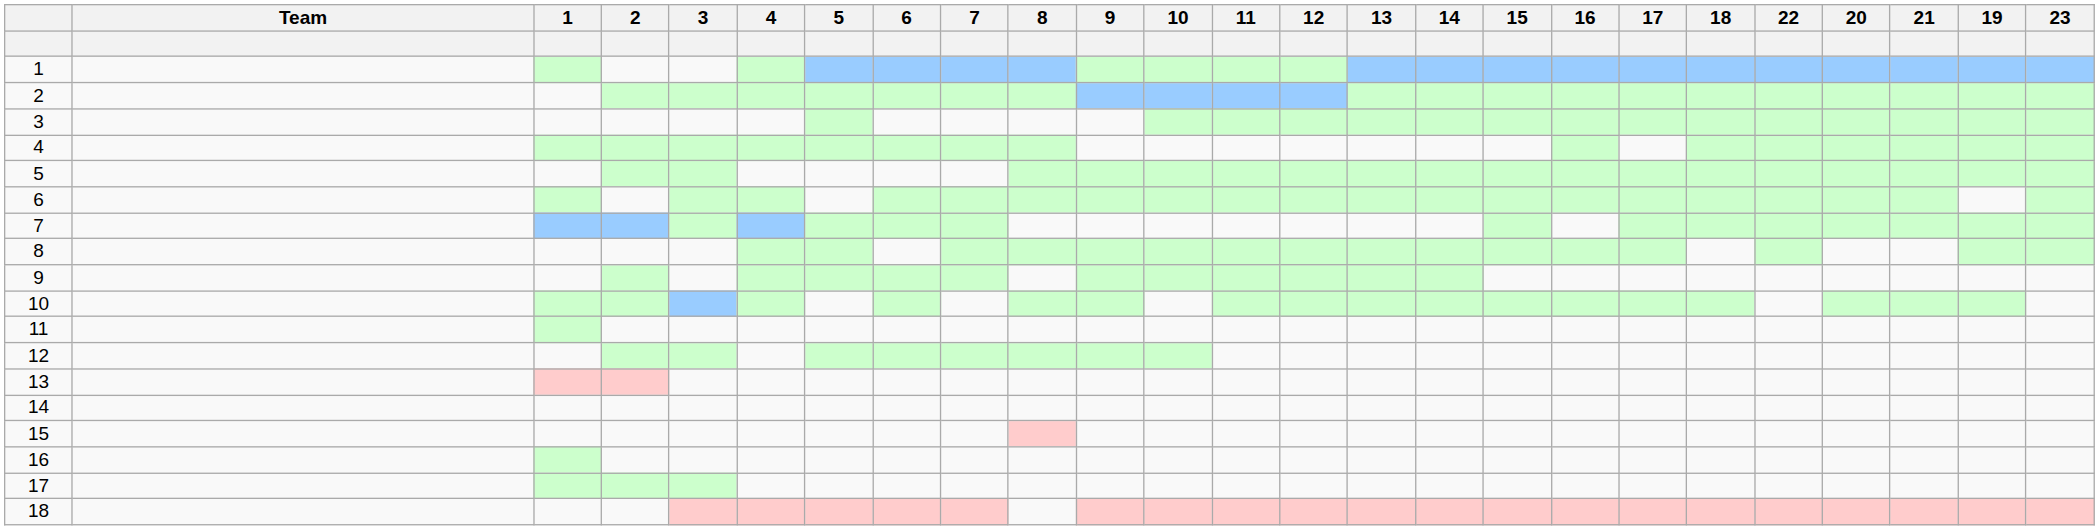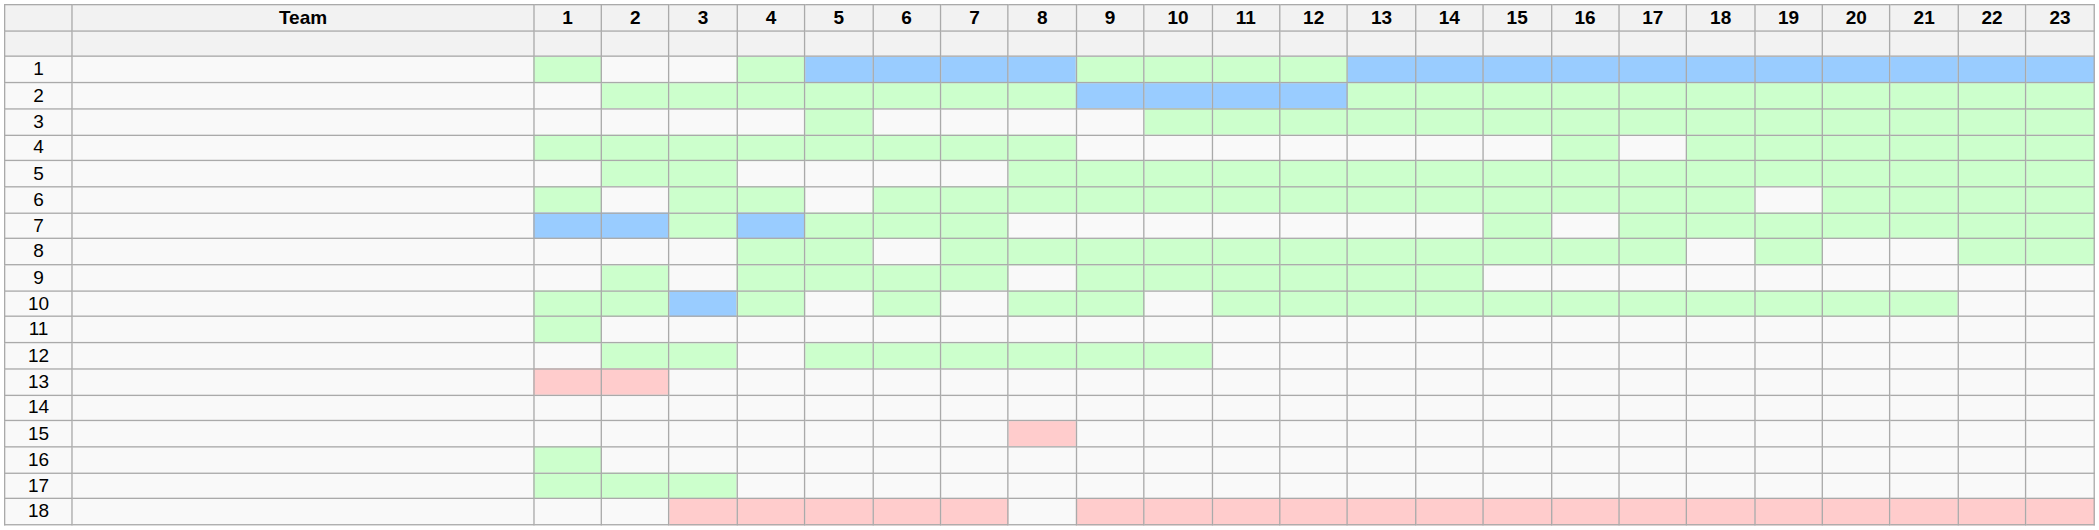 <table class="wikitable sortable" style="text-align:center; line-height: 90%; font-size:90%;" width=100%>
 <tr>
 <th width=20 abbr="Position"></th>
 <th width=175px>Team</th>
 <th width=20 abbr="Round 1">1</th>
 <th width=20 abbr="Round 2">2</th>
 <th width=20 abbr="Round 3">3</th>
 <th width=20 abbr="Round 4">4</th>
 <th width=20 abbr="Round 5">5</th>
 <th width=20 abbr="Round 6">6</th>
 <th width=20 abbr="Round 7">7</th>
 <th width=20 abbr="Round 8">8</th>
 <th width=20 abbr="Round 9">9</th>
 <th width=20 abbr="Round 10">10</th>
 <th width=20 abbr="Round 11">11</th>
 <th width=20 abbr="Round 12">12</th>
 <th width=20 abbr="Round 13">13</th>
 <th width=20 abbr="Round 14">14</th>
 <th width=20 abbr="Round 15">15</th>
 <th width=20 abbr="Round 16">16</th>
 <th width=20 abbr="Round 17">17</th>
 <th width=20 abbr="Round 18">18</th>
-<th width=20 abbr="Round 22">22</th>
+<th width=20 abbr="Round 19">19</th>
 <th width=20 abbr="Round 20">20</th>
 <th width=20 abbr="Round 21">21</th>
-<th width=20 abbr="Round 19">19</th>
+<th width=20 abbr="Round 22">22</th>
 <th width=20 abbr="Round 23">23</th>
 </tr>
 <tr>
 <th></th>
 <th></th>
 <th></th>
 <th></th>
 <th></th>
 <th></th>
 <th></th>
 <th></th>
 <th></th>
 <th></th>
 <th></th>
 <th></th>
 <th></th>
 <th></th>
 <th></th>
 <th></th>
 <th></th>
 <th></th>
 <th></th>
 <th></th>
 <th></th>
 <th></th>
 <th></th>
 <th></th>
 <th> </th>
 </tr>
 <tr>
 <td>1</td>
 <td style="text-align:left;"></td>
 <td style="background:#ccffcc;"></td>
 <td></td>
 <td></td>
 <td style="background:#ccffcc;"></td>
 <td style="background:#99ccff;"></td>
 <td style="background:#99ccff;"></td>
 <td style="background:#99ccff;"></td>
 <td style="background:#99ccff;"></td>
 <td style="background:#ccffcc;"></td>
 <td style="background:#ccffcc;"></td>
 <td style="background:#ccffcc;"></td>
 <td style="background:#ccffcc;"></td>
 <td style="background:#99ccff;"></td>
 <td style="background:#99ccff;"></td>
 <td style="background:#99ccff;"></td>
 <td style="background:#99ccff;"></td>
 <td style="background:#99ccff;"></td>
 <td style="background:#99ccff;"></td>
 <td style="background:#99ccff;"></td>
 <td style="background:#99ccff;"></td>
 <td style="background:#99ccff;"></td>
 <td style="background:#99ccff;"></td>
 <td style="background:#99ccff;"></td>
 </tr>
 <tr>
 <td>2</td>
 <td style="text-align:left;"></td>
 <td></td>
 <td style="background:#ccffcc;"></td>
 <td style="background:#ccffcc;"></td>
 <td style="background:#ccffcc;"></td>
 <td style="background:#ccffcc;"></td>
 <td style="background:#ccffcc;"></td>
 <td style="background:#ccffcc;"></td>
 <td style="background:#ccffcc;"></td>
 <td style="background:#99ccff;"></td>
 <td style="background:#99ccff;"></td>
 <td style="background:#99ccff;"></td>
 <td style="background:#99ccff;"></td>
 <td style="background:#ccffcc;"></td>
 <td style="background:#ccffcc;"></td>
 <td style="background:#ccffcc;"></td>
 <td style="background:#ccffcc;"></td>
 <td style="background:#ccffcc;"></td>
 <td style="background:#ccffcc;"></td>
 <td style="background:#ccffcc;"></td>
 <td style="background:#ccffcc;"></td>
 <td style="background:#ccffcc;"></td>
 <td style="background:#ccffcc;"></td>
 <td style="background:#ccffcc;"></td>
 </tr>
 <tr>
 <td>3</td>
 <td style="text-align:left;"></td>
 <td></td>
 <td></td>
 <td></td>
 <td></td>
 <td style="background:#ccffcc;"></td>
 <td></td>
 <td></td>
 <td></td>
 <td></td>
 <td style="background:#ccffcc;"></td>
 <td style="background:#ccffcc;"></td>
 <td style="background:#ccffcc;"></td>
 <td style="background:#ccffcc;"></td>
 <td style="background:#ccffcc;"></td>
 <td style="background:#ccffcc;"></td>
 <td style="background:#ccffcc;"></td>
 <td style="background:#ccffcc;"></td>
 <td style="background:#ccffcc;"></td>
 <td style="background:#ccffcc;"></td>
 <td style="background:#ccffcc;"></td>
 <td style="background:#ccffcc;"></td>
 <td style="background:#ccffcc;"></td>
 <td style="background:#ccffcc;"></td>
 </tr>
 <tr>
 <td>4</td>
 <td style="text-align:left;"></td>
 <td style="background:#ccffcc;"></td>
 <td style="background:#ccffcc;"></td>
 <td style="background:#ccffcc;"></td>
 <td style="background:#ccffcc;"></td>
 <td style="background:#ccffcc;"></td>
 <td style="background:#ccffcc;"></td>
 <td style="background:#ccffcc;"></td>
 <td style="background:#ccffcc;"></td>
 <td></td>
 <td></td>
 <td></td>
 <td></td>
 <td></td>
 <td></td>
 <td></td>
 <td style="background:#ccffcc;"></td>
 <td></td>
 <td style="background:#ccffcc;"></td>
 <td style="background:#ccffcc;"></td>
 <td style="background:#ccffcc;"></td>
 <td style="background:#ccffcc;"></td>
 <td style="background:#ccffcc;"></td>
 <td style="background:#ccffcc;"></td>
 </tr>
 <tr>
 <td>5</td>
 <td style="text-align:left"></td>
 <td></td>
 <td style="background:#ccffcc;"></td>
 <td style="background:#ccffcc;"></td>
 <td></td>
 <td></td>
 <td></td>
 <td></td>
 <td style="background:#ccffcc;"></td>
 <td style="background:#ccffcc;"></td>
 <td style="background:#ccffcc;"></td>
 <td style="background:#ccffcc;"></td>
 <td style="background:#ccffcc;"></td>
 <td style="background:#ccffcc;"></td>
 <td style="background:#ccffcc;"></td>
 <td style="background:#ccffcc;"></td>
 <td style="background:#ccffcc;"></td>
 <td style="background:#ccffcc;"></td>
 <td style="background:#ccffcc;"></td>
 <td style="background:#ccffcc;"></td>
 <td style="background:#ccffcc;"></td>
 <td style="background:#ccffcc;"></td>
 <td style="background:#ccffcc;"></td>
 <td style="background:#ccffcc;"></td>
 </tr>
 <tr>
 <td>6</td>
 <td style="text-align:left"></td>
 <td style="background:#ccffcc;"></td>
 <td></td>
 <td style="background:#ccffcc;"></td>
 <td style="background:#ccffcc;"></td>
 <td></td>
 <td style="background:#ccffcc;"></td>
 <td style="background:#ccffcc;"></td>
 <td style="background:#ccffcc;"></td>
 <td style="background:#ccffcc;"></td>
 <td style="background:#ccffcc;"></td>
 <td style="background:#ccffcc;"></td>
 <td style="background:#ccffcc;"></td>
 <td style="background:#ccffcc;"></td>
 <td style="background:#ccffcc;"></td>
 <td style="background:#ccffcc;"></td>
 <td style="background:#ccffcc;"></td>
 <td style="background:#ccffcc;"></td>
 <td style="background:#ccffcc;"></td>
+<td></td>
 <td style="background:#ccffcc;"></td>
 <td style="background:#ccffcc;"></td>
 <td style="background:#ccffcc;"></td>
-<td></td>
 <td style="background:#ccffcc;"></td>
 </tr>
 <tr>
 <td>7</td>
 <td style="text-align:left"></td>
 <td style="background:#99ccff;"></td>
 <td style="background:#99ccff;"></td>
 <td style="background:#ccffcc;"></td>
 <td style="background:#99ccff;"></td>
 <td style="background:#ccffcc;"></td>
 <td style="background:#ccffcc;"></td>
 <td style="background:#ccffcc;"></td>
 <td></td>
 <td></td>
 <td></td>
 <td></td>
 <td></td>
 <td></td>
 <td></td>
 <td style="background:#ccffcc;"></td>
 <td></td>
 <td style="background:#ccffcc;"></td>
 <td style="background:#ccffcc;"></td>
 <td style="background:#ccffcc;"></td>
 <td style="background:#ccffcc;"></td>
 <td style="background:#ccffcc;"></td>
 <td style="background:#ccffcc;"></td>
 <td style="background:#ccffcc;"></td>
 </tr>
 <tr>
 <td>8</td>
 <td style="text-align:left"></td>
 <td></td>
 <td></td>
 <td></td>
 <td style="background:#ccffcc;"></td>
 <td style="background:#ccffcc;"></td>
 <td></td>
 <td style="background:#ccffcc;"></td>
 <td style="background:#ccffcc;"></td>
 <td style="background:#ccffcc;"></td>
 <td style="background:#ccffcc;"></td>
 <td style="background:#ccffcc;"></td>
 <td style="background:#ccffcc;"></td>
 <td style="background:#ccffcc;"></td>
 <td style="background:#ccffcc;"></td>
 <td style="background:#ccffcc;"></td>
 <td style="background:#ccffcc;"></td>
 <td style="background:#ccffcc;"></td>
 <td></td>
 <td style="background:#ccffcc;"></td>
 <td></td>
 <td></td>
 <td style="background:#ccffcc;"></td>
 <td style="background:#ccffcc;"></td>
 </tr>
 <tr>
 <td>9</td>
 <td style="text-align:left"></td>
 <td></td>
 <td style="background:#ccffcc;"></td>
 <td></td>
 <td style="background:#ccffcc;"></td>
 <td style="background:#ccffcc;"></td>
 <td style="background:#ccffcc;"></td>
 <td style="background:#ccffcc;"></td>
 <td></td>
 <td style="background:#ccffcc;"></td>
 <td style="background:#ccffcc;"></td>
 <td style="background:#ccffcc;"></td>
 <td style="background:#ccffcc;"></td>
 <td style="background:#ccffcc;"></td>
 <td style="background:#ccffcc;"></td>
 <td></td>
 <td></td>
 <td></td>
 <td></td>
 <td></td>
 <td></td>
 <td></td>
 <td></td>
 <td></td>
 </tr>
 <tr>
 <td>10</td>
 <td style="text-align:left"></td>
 <td style="background:#ccffcc;"></td>
 <td style="background:#ccffcc;"></td>
 <td style="background:#99ccff;"></td>
 <td style="background:#ccffcc;"></td>
 <td></td>
 <td style="background:#ccffcc;"></td>
 <td></td>
 <td style="background:#ccffcc;"></td>
 <td style="background:#ccffcc;"></td>
 <td></td>
 <td style="background:#ccffcc;"></td>
 <td style="background:#ccffcc;"></td>
 <td style="background:#ccffcc;"></td>
 <td style="background:#ccffcc;"></td>
 <td style="background:#ccffcc;"></td>
 <td style="background:#ccffcc;"></td>
 <td style="background:#ccffcc;"></td>
 <td style="background:#ccffcc;"></td>
-<td></td>
 <td style="background:#ccffcc;"></td>
 <td style="background:#ccffcc;"></td>
 <td style="background:#ccffcc;"></td>
+<td></td>
 <td></td>
 </tr>
 <tr>
 <td>11</td>
 <td style="text-align:left;"></td>
 <td style="background:#ccffcc;"></td>
 <td></td>
 <td></td>
 <td></td>
 <td></td>
 <td></td>
 <td></td>
 <td></td>
 <td></td>
 <td></td>
 <td></td>
 <td></td>
 <td></td>
 <td></td>
 <td></td>
 <td></td>
 <td></td>
 <td></td>
 <td></td>
 <td></td>
 <td></td>
 <td></td>
 <td></td>
 </tr>
 <tr>
 <td>12</td>
 <td style="text-align:left;"></td>
 <td></td>
 <td style="background:#ccffcc;"></td>
 <td style="background:#ccffcc;"></td>
 <td></td>
 <td style="background:#ccffcc;"></td>
 <td style="background:#ccffcc;"></td>
 <td style="background:#ccffcc;"></td>
 <td style="background:#ccffcc;"></td>
 <td style="background:#ccffcc;"></td>
 <td style="background:#ccffcc;"></td>
 <td></td>
 <td></td>
 <td></td>
 <td></td>
 <td></td>
 <td></td>
 <td></td>
 <td></td>
 <td></td>
 <td></td>
 <td></td>
 <td></td>
 <td></td>
 </tr>
 <tr>
 <td>13</td>
 <td style="text-align:left"></td>
 <td style="background:#ffcccc;"></td>
 <td style="background:#ffcccc;"></td>
 <td></td>
 <td></td>
 <td></td>
 <td></td>
 <td></td>
 <td></td>
 <td></td>
 <td></td>
 <td></td>
 <td></td>
 <td></td>
 <td></td>
 <td></td>
 <td></td>
 <td></td>
 <td></td>
 <td></td>
 <td></td>
 <td></td>
 <td></td>
 <td></td>
 </tr>
 <tr>
 <td>14</td>
 <td style="text-align:left;"></td>
 <td></td>
 <td></td>
 <td></td>
 <td></td>
 <td></td>
 <td></td>
 <td></td>
 <td></td>
 <td></td>
 <td></td>
 <td></td>
 <td></td>
 <td></td>
 <td></td>
 <td></td>
 <td></td>
 <td></td>
 <td></td>
 <td></td>
 <td></td>
 <td></td>
 <td></td>
 <td></td>
 </tr>
 <tr>
 <td>15</td>
 <td style="text-align:left"></td>
 <td></td>
 <td></td>
 <td></td>
 <td></td>
 <td></td>
 <td></td>
 <td></td>
 <td style="background:#ffcccc;"></td>
 <td></td>
 <td></td>
 <td></td>
 <td></td>
 <td></td>
 <td></td>
 <td></td>
 <td></td>
 <td></td>
 <td></td>
 <td></td>
 <td></td>
 <td></td>
 <td></td>
 <td></td>
 </tr>
 <tr>
 <td>16</td>
 <td style="text-align:left;"></td>
 <td style="background:#ccffcc;"></td>
 <td></td>
 <td></td>
 <td></td>
 <td></td>
 <td></td>
 <td></td>
 <td></td>
 <td></td>
 <td></td>
 <td></td>
 <td></td>
 <td></td>
 <td></td>
 <td></td>
 <td></td>
 <td></td>
 <td></td>
 <td></td>
 <td></td>
 <td></td>
 <td></td>
 <td></td>
 </tr>
 <tr>
 <td>17</td>
 <td style="text-align:left;"></td>
 <td style="background:#ccffcc;"></td>
 <td style="background:#ccffcc;"></td>
 <td style="background:#ccffcc;"></td>
 <td></td>
 <td></td>
 <td></td>
 <td></td>
 <td></td>
 <td></td>
 <td></td>
 <td></td>
 <td></td>
 <td></td>
 <td></td>
 <td></td>
 <td></td>
 <td></td>
 <td></td>
 <td></td>
 <td></td>
 <td></td>
 <td></td>
 <td></td>
 </tr>
 <tr>
 <td>18</td>
 <td style="text-align:left"></td>
 <td></td>
 <td></td>
 <td style="background:#ffcccc;"></td>
 <td style="background:#ffcccc;"></td>
 <td style="background:#ffcccc;"></td>
 <td style="background:#ffcccc;"></td>
 <td style="background:#ffcccc;"></td>
 <td></td>
 <td style="background:#ffcccc;"></td>
 <td style="background:#ffcccc;"></td>
 <td style="background:#ffcccc;"></td>
 <td style="background:#ffcccc;"></td>
 <td style="background:#ffcccc;"></td>
 <td style="background:#ffcccc;"></td>
 <td style="background:#ffcccc;"></td>
 <td style="background:#ffcccc;"></td>
 <td style="background:#ffcccc;"></td>
 <td style="background:#ffcccc;"></td>
 <td style="background:#ffcccc;"></td>
 <td style="background:#ffcccc;"></td>
 <td style="background:#ffcccc;"></td>
 <td style="background:#ffcccc;"></td>
 <td style="background:#ffcccc;"></td>
 </tr>
 </table>
